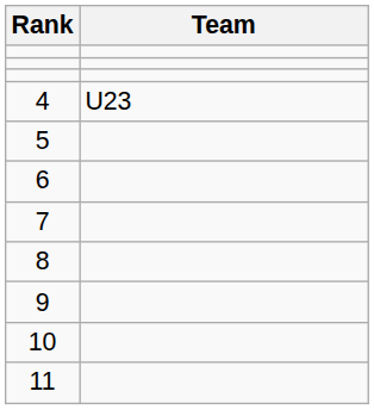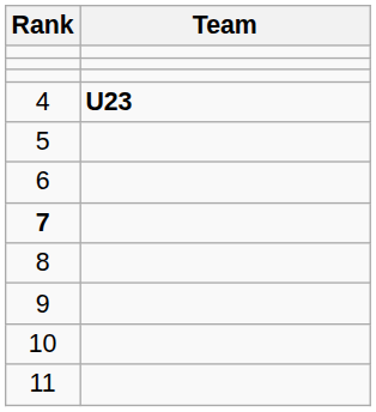 <table class="wikitable" style="text-align:center;">
 <tr>
 <th>Rank</th>
 <th width=175>Team</th>
 </tr>
 <tr>
 <td></td>
 <td align=left></td>
 </tr>
 <tr>
 <td></td>
 <td align=left></td>
 </tr>
 <tr>
 <td></td>
 <td align=left></td>
 </tr>
 <tr>
 <td>4</td>
-<td align=left> U23</td>
+<td align=left><strong> U23</strong></td>
 </tr>
 <tr>
 <td>5</td>
 <td align=left></td>
 </tr>
 <tr>
 <td>6</td>
 <td align=left></td>
 </tr>
 <tr>
-<td>7</td>
+<td><strong>7</strong></td>
 <td align=left></td>
 </tr>
 <tr>
 <td>8</td>
 <td align=left></td>
 </tr>
 <tr>
 <td>9</td>
 <td align=left></td>
 </tr>
 <tr>
 <td>10</td>
 <td align=left></td>
 </tr>
 <tr>
 <td>11</td>
 <td align=left></td>
 </tr>
 </table>
